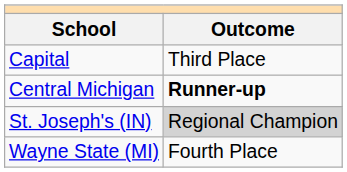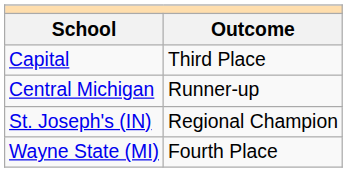 <table class="wikitable" style="float:left; margin-right:1em;">
 <tr>
 <th colspan="3" style="background:#ffdead;"></th>
 </tr>
 <tr>
 <th>School</th>
 <th>Outcome</th>
 </tr>
 <tr>
 <td><a href='#'>Capital</a></td>
 <td>Third Place</td>
 </tr>
 <tr>
 <td><a href='#'>Central Michigan</a></td>
-<td><strong>Runner-up</strong></td>
+<td>Runner-up</td>
 </tr>
 <tr>
 <td><a href='#'>St. Joseph's (IN)</a></td>
-<td style="background: lightgrey;">Regional Champion</td>
+<td>Regional Champion</td>
 </tr>
 <tr>
 <td><a href='#'>Wayne State (MI)</a></td>
 <td>Fourth Place</td>
 </tr>
 </table>
